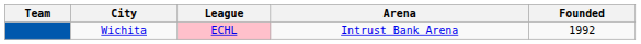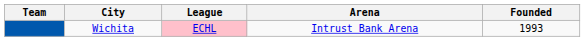 <table class="wikitable sortable" width="60%">
 <tr>
 <th>Team</th>
 <th>City</th>
 <th>League</th>
 <th>Arena</th>
 <th>Founded</th>
 </tr>
 <tr align=center>
 <td style="color:white; background:#0058ad; "><strong><a href='#'></a></strong></td>
 <td><a href='#'>Wichita</a></td>
 <td style="background: pink;"><a href='#'>ECHL</a></td>
 <td><a href='#'>Intrust Bank Arena</a></td>
-<td>1992</td>
+<td>1993</td>
 </tr>
 </table>
